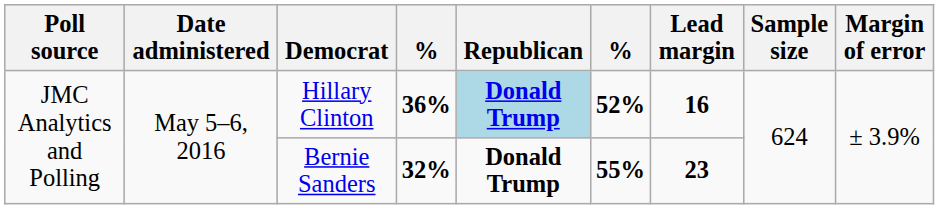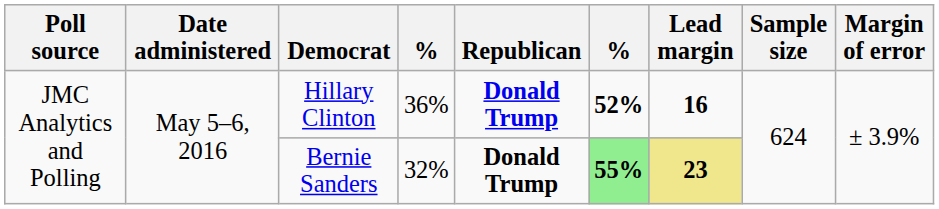 <table class="wikitable" style="text-align:center;">
 <tr valign=bottom>
 <th>Poll source</th>
 <th>Date administered</th>
 <th>Democrat</th>
 <th>%</th>
 <th>Republican</th>
 <th>%</th>
 <th>Lead margin</th>
 <th>Sample size</th>
 <th>Margin of error</th>
 </tr>
 <tr>
 <td rowspan="2">JMC Analytics and Polling</td>
 <td rowspan="2">May 5–6, 2016</td>
 <td><a href='#'>Hillary Clinton</a></td>
-<td align=center><strong>36%</strong></td>
-<td style="background: lightblue;"><strong><a href='#'>Donald Trump</a></strong></td>
+<td align=center>36%</td>
+<td><strong><a href='#'>Donald Trump</a></strong></td>
 <td><strong>52%</strong></td>
 <td><strong>16</strong></td>
 <td rowspan="2">624</td>
 <td rowspan="2">± 3.9%</td>
 </tr>
 <tr>
 <td><a href='#'>Bernie Sanders</a></td>
-<td align=center><strong>32%</strong></td>
+<td align=center>32%</td>
 <td><strong>Donald Trump</strong></td>
-<td><strong>55%</strong></td>
-<td><strong>23</strong></td>
+<td style="background: lightgreen;"><strong>55%</strong></td>
+<td style="background: khaki;"><strong>23</strong></td>
 </tr>
 </table>
